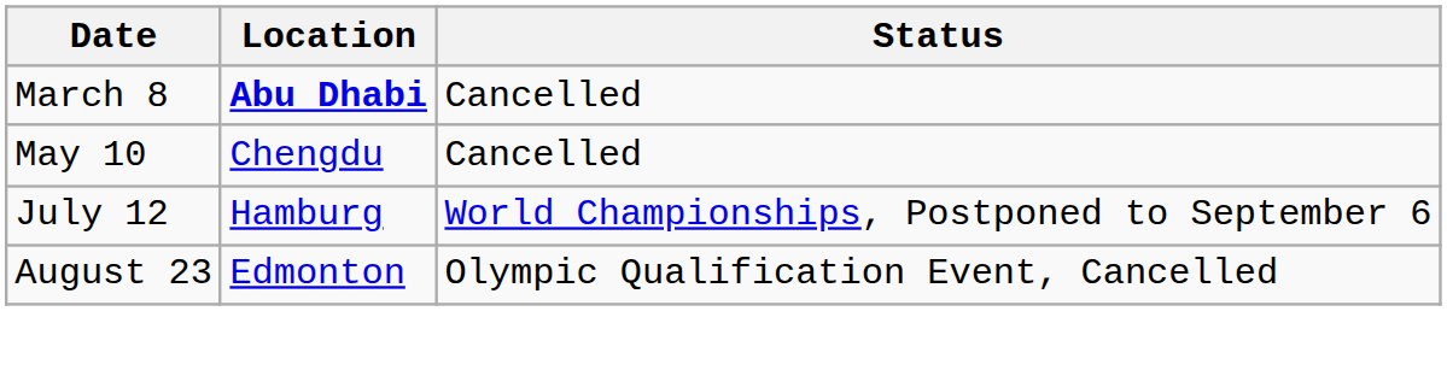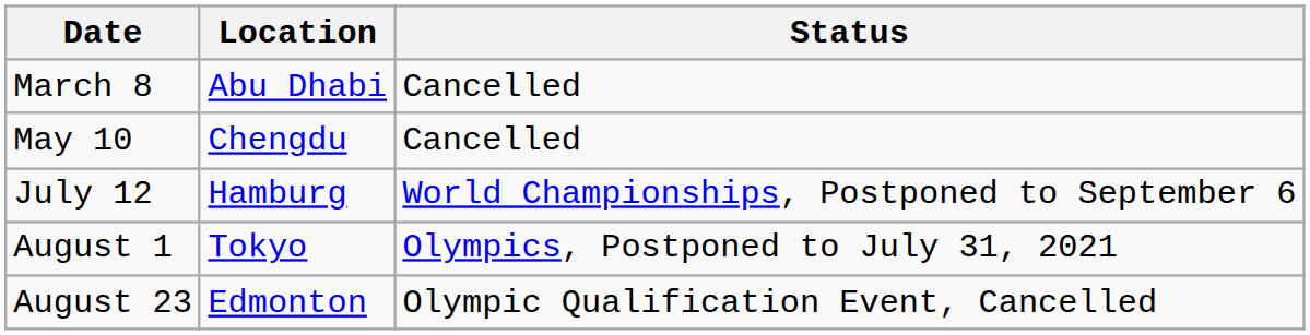 <table class="wikitable" style="display:inline-table;">
 <tr>
 <th>Date</th>
 <th>Location</th>
 <th>Status</th>
 </tr>
 <tr>
 <td>March 8</td>
-<td><strong> <a href='#'>Abu Dhabi</a></strong></td>
+<td> <a href='#'>Abu Dhabi</a></td>
 <td>Cancelled</td>
 </tr>
 <tr>
 <td>May 10</td>
 <td> <a href='#'>Chengdu</a></td>
 <td>Cancelled</td>
 </tr>
 <tr>
 <td>July 12</td>
 <td> <a href='#'>Hamburg</a></td>
 <td><a href='#'>World Championships</a>, Postponed to September 6</td>
 </tr>
 <tr>
+<td>August 1</td>
+<td> <a href='#'>Tokyo</a></td>
+<td><a href='#'>Olympics</a>, Postponed to July 31, 2021</td>
+</tr>
+<tr>
 <td>August 23</td>
 <td><a href='#'>Edmonton</a></td>
 <td>Olympic Qualification Event, Cancelled</td>
 </tr>
 </table>
